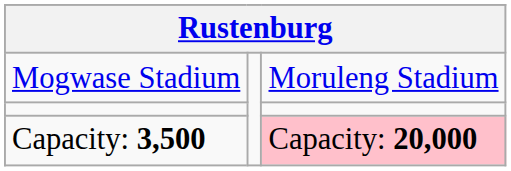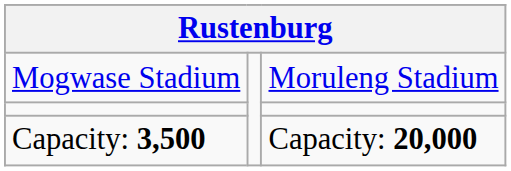 <table class="wikitable">
 <tr>
 <th colspan="3"><a href='#'>Rustenburg</a></th>
 </tr>
 <tr>
 <td><a href='#'>Mogwase Stadium</a></td>
 <td rowspan=3><br></td>
 <td><a href='#'>Moruleng Stadium</a></td>
 </tr>
 <tr>
 <td><small></small></td>
 <td><small></small></td>
 </tr>
 <tr>
 <td>Capacity: <strong>3,500</strong></td>
-<td style="background: pink;">Capacity: <strong>20,000</strong></td>
+<td>Capacity: <strong>20,000</strong></td>
 </tr>
 </table>
